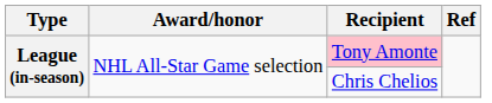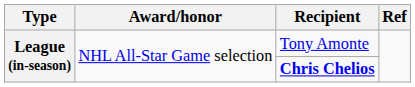 <table class="wikitable">
 <tr>
 <th scope="col">Type</th>
 <th scope="col">Award/honor</th>
 <th scope="col">Recipient</th>
 <th scope="col">Ref</th>
 </tr>
 <tr>
 <th scope="row" rowspan=2>League<br><small>(in-season)</small></th>
 <td rowspan=2><a href='#'>NHL All-Star Game</a> selection</td>
-<td style="background: pink;"><a href='#'>Tony Amonte</a></td>
+<td><a href='#'>Tony Amonte</a></td>
 <td rowspan=2></td>
 </tr>
 <tr>
-<td><a href='#'>Chris Chelios</a></td>
+<td><strong><a href='#'>Chris Chelios</a></strong></td>
 </tr>
 </table>
